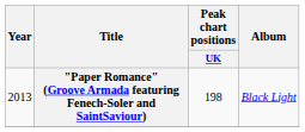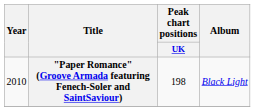 <table class="wikitable plainrowheaders" style="text-align:center;">
 <tr>
 <th scope="col" rowspan="2">Year</th>
 <th scope="col" rowspan="2" style="width:12.5em;">Title</th>
 <th scope="col" colspan="1">Peak chart positions</th>
 <th scope="col" rowspan="2">Album</th>
 </tr>
 <tr>
 <th scope="col" style="width:3.0em;font-size:90%;"><a href='#'>UK</a></th>
 </tr>
 <tr>
-<td rowspan="1">2013</td>
+<td rowspan="1">2010</td>
 <th scope="row">"Paper Romance" <br><span>(<a href='#'>Groove Armada</a> featuring <strong>Fenech-Soler</strong> and <a href='#'>SaintSaviour</a>)</span></th>
 <td>198<br></td>
 <td rowspan="1"><em><a href='#'>Black Light</a></em></td>
 </tr>
 <tr>
 </tr>
 </table>
